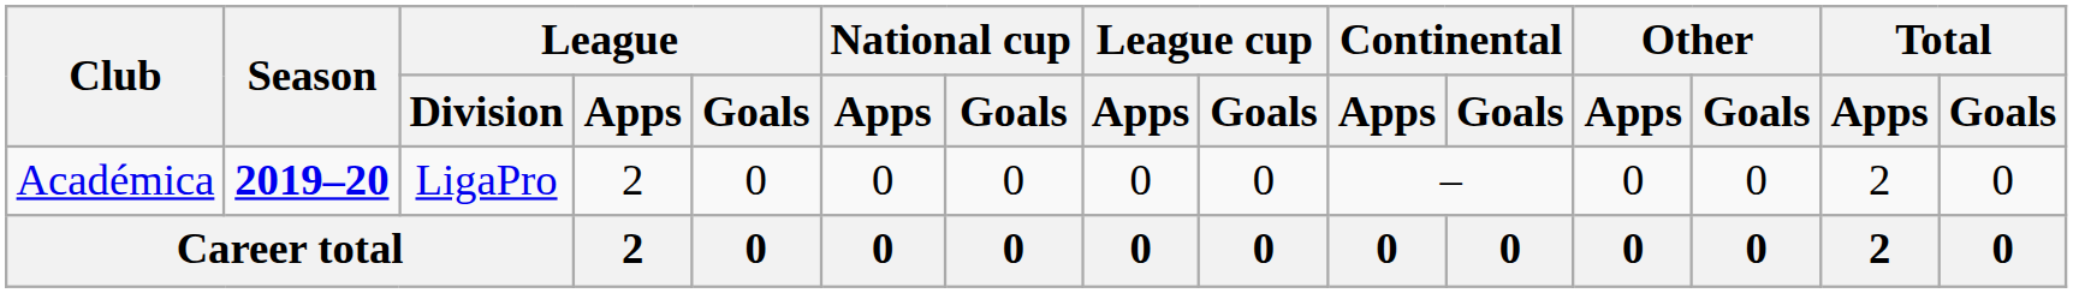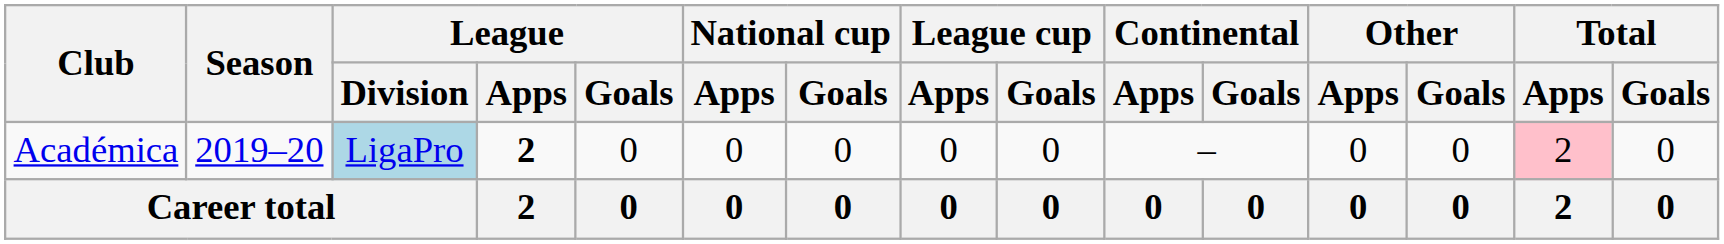 <table class="wikitable" style="text-align:center">
 <tr>
 <th rowspan="2">Club</th>
 <th rowspan="2">Season</th>
 <th colspan="3">League</th>
 <th colspan="2">National cup</th>
 <th colspan="2">League cup</th>
 <th colspan="2">Continental</th>
 <th colspan="2">Other</th>
 <th colspan="2">Total</th>
 </tr>
 <tr>
 <th>Division</th>
 <th>Apps</th>
 <th>Goals</th>
 <th>Apps</th>
 <th>Goals</th>
 <th>Apps</th>
 <th>Goals</th>
 <th>Apps</th>
 <th>Goals</th>
 <th>Apps</th>
 <th>Goals</th>
 <th>Apps</th>
 <th>Goals</th>
 </tr>
 <tr>
 <td><a href='#'>Académica</a></td>
-<td><strong><a href='#'>2019–20</a></strong></td>
-<td><a href='#'>LigaPro</a></td>
-<td>2</td>
+<td><a href='#'>2019–20</a></td>
+<td style="background: lightblue;"><a href='#'>LigaPro</a></td>
+<td><strong>2</strong></td>
 <td>0</td>
 <td>0</td>
 <td>0</td>
 <td>0</td>
 <td>0</td>
 <td colspan="2">–</td>
 <td>0</td>
 <td>0</td>
-<td>2</td>
+<td style="background: pink;">2</td>
 <td>0</td>
 </tr>
 <tr>
 <th colspan="3">Career total</th>
 <th>2</th>
 <th>0</th>
 <th>0</th>
 <th>0</th>
 <th>0</th>
 <th>0</th>
 <th>0</th>
 <th>0</th>
 <th>0</th>
 <th>0</th>
 <th>2</th>
 <th>0</th>
 </tr>
 </table>
